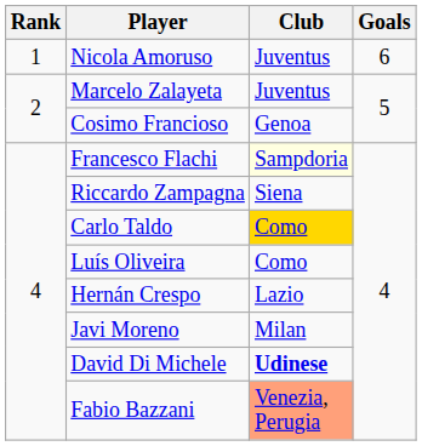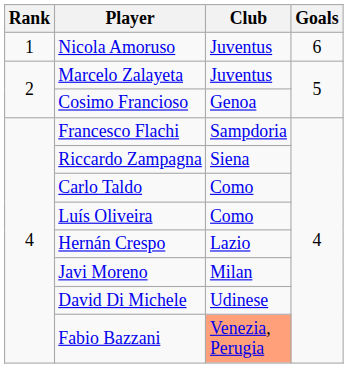 <table class="wikitable sortable" style="text-align:center">
 <tr>
 <th>Rank</th>
 <th>Player</th>
 <th>Club</th>
 <th>Goals</th>
 </tr>
 <tr>
 <td>1</td>
 <td align="left"><strong></strong> <a href='#'>Nicola Amoruso</a></td>
 <td align="left"><a href='#'>Juventus</a></td>
 <td>6</td>
 </tr>
 <tr>
 <td rowspan="2">2</td>
 <td align="left"> <a href='#'>Marcelo Zalayeta</a></td>
 <td align="left"><a href='#'>Juventus</a></td>
 <td rowspan="2">5</td>
 </tr>
 <tr>
 <td align="left"> <a href='#'>Cosimo Francioso</a></td>
 <td align="left"><a href='#'>Genoa</a></td>
 </tr>
 <tr>
 <td rowspan="8">4</td>
 <td align="left"><strong></strong> <a href='#'>Francesco Flachi</a></td>
-<td align="left" style="background: lightyellow;"><a href='#'>Sampdoria</a></td>
+<td align="left"><a href='#'>Sampdoria</a></td>
 <td rowspan="8">4</td>
 </tr>
 <tr>
 <td align="left"><strong></strong> <a href='#'>Riccardo Zampagna</a></td>
 <td align="left"><a href='#'>Siena</a></td>
 </tr>
 <tr>
 <td align="left"><strong></strong> <a href='#'>Carlo Taldo</a></td>
-<td align="left" style="background: gold;"><a href='#'>Como</a></td>
+<td align="left"><a href='#'>Como</a></td>
 </tr>
 <tr>
 <td align="left"><strong></strong> <a href='#'>Luís Oliveira</a></td>
 <td align="left"><a href='#'>Como</a></td>
 </tr>
 <tr>
 <td align="left"><strong></strong> <a href='#'>Hernán Crespo</a></td>
 <td align="left"><a href='#'>Lazio</a></td>
 </tr>
 <tr>
 <td align="left"><strong></strong> <a href='#'>Javi Moreno</a></td>
 <td align="left"><a href='#'>Milan</a></td>
 </tr>
 <tr>
 <td align="left"><strong></strong> <a href='#'>David Di Michele</a></td>
-<td align="left"><strong><a href='#'>Udinese</a></strong></td>
+<td align="left"><a href='#'>Udinese</a></td>
 </tr>
 <tr>
 <td align="left"><strong></strong> <a href='#'>Fabio Bazzani</a></td>
 <td align="left" style="background: lightsalmon;"><a href='#'>Venezia</a>, <br> <a href='#'>Perugia</a></td>
 </tr>
 </table>
